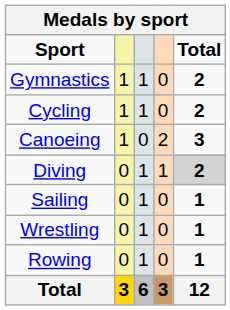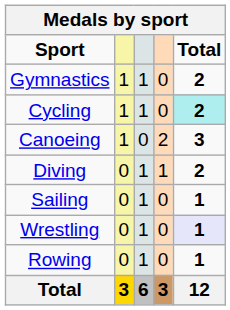 <table class="wikitable" style="font-size:85%; float: right;">
 <tr style="background:#efefef;">
 <th colspan=5><strong>Medals by sport</strong></th>
 </tr>
 <tr align=center>
 <td><strong>Sport</strong></td>
 <td bgcolor=#f7f6a8></td>
 <td bgcolor=#dce5e5></td>
 <td bgcolor=#ffdab9></td>
 <td><strong>Total</strong></td>
 </tr>
 <tr align=center>
 <td><a href='#'>Gymnastics</a></td>
 <td style="background:#F7F6A8;">1</td>
 <td style="background:#DCE5E5;">1</td>
 <td style="background:#FFDAB9;">0</td>
 <td><strong>2</strong></td>
 </tr>
 <tr align=center>
 <td><a href='#'>Cycling</a></td>
 <td style="background:#F7F6A8;">1</td>
 <td style="background:#DCE5E5;">1</td>
 <td style="background:#FFDAB9;">0</td>
-<td><strong>2</strong></td>
+<td style="background: paleturquoise;"><strong>2</strong></td>
 </tr>
 <tr align=center>
 <td><a href='#'>Canoeing</a></td>
 <td style="background:#F7F6A8;">1</td>
 <td style="background:#DCE5E5;">0</td>
 <td style="background:#FFDAB9;">2</td>
 <td><strong>3</strong></td>
 </tr>
 <tr align=center>
 <td><a href='#'>Diving</a></td>
 <td style="background:#F7F6A8;">0</td>
 <td style="background:#DCE5E5;">1</td>
 <td style="background:#FFDAB9;">1</td>
-<td style="background: lightgrey;"><strong>2</strong></td>
+<td><strong>2</strong></td>
 </tr>
 <tr align=center>
 <td><a href='#'>Sailing</a></td>
 <td style="background:#F7F6A8;">0</td>
 <td style="background:#DCE5E5;">1</td>
 <td style="background:#FFDAB9;">0</td>
 <td><strong>1</strong></td>
 </tr>
 <tr align=center>
 <td><a href='#'>Wrestling</a></td>
 <td style="background:#F7F6A8;">0</td>
 <td style="background:#DCE5E5;">1</td>
 <td style="background:#FFDAB9;">0</td>
-<td><strong>1</strong></td>
+<td style="background: lavender;"><strong>1</strong></td>
 </tr>
 <tr align=center>
 <td><a href='#'>Rowing</a></td>
 <td style="background:#F7F6A8;">0</td>
 <td style="background:#DCE5E5;">1</td>
 <td style="background:#FFDAB9;">0</td>
 <td><strong>1</strong></td>
 </tr>
 <tr align=center>
 <th><strong>Total</strong></th>
 <th style="background:gold;"><strong>3</strong></th>
 <th style="background:silver;"><strong>6</strong></th>
 <th style="background:#c96;"><strong>3</strong></th>
 <th><strong>12</strong></th>
 </tr>
 </table>
